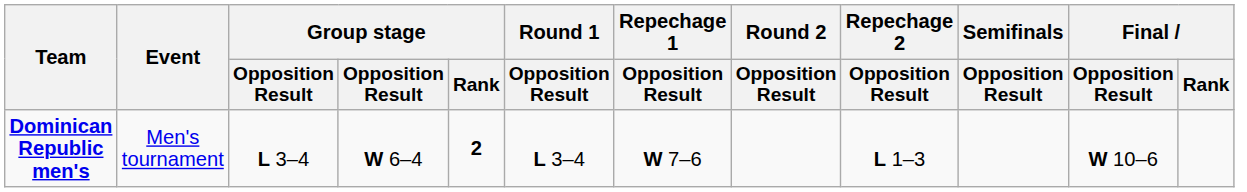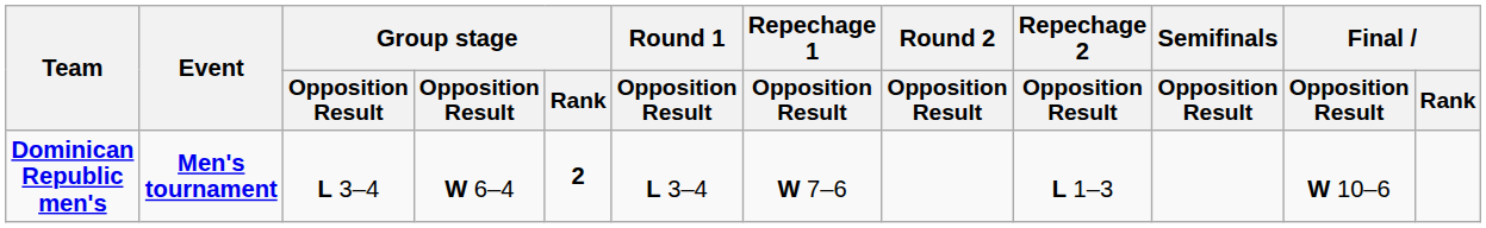 <table class=wikitable style=font-size:90%>
 <tr>
 <th rowspan=2>Team</th>
 <th rowspan=2>Event</th>
 <th colspan=3>Group stage</th>
 <th>Round 1</th>
 <th>Repechage 1</th>
 <th>Round 2</th>
 <th>Repechage 2</th>
 <th>Semifinals</th>
 <th colspan=2>Final / </th>
 </tr>
 <tr style=font-size:95%>
 <th>Opposition<br>Result</th>
 <th>Opposition<br>Result</th>
 <th>Rank</th>
 <th>Opposition<br>Result</th>
 <th>Opposition<br>Result</th>
 <th>Opposition<br>Result</th>
 <th>Opposition<br>Result</th>
 <th>Opposition<br>Result</th>
 <th>Opposition<br>Result</th>
 <th>Rank</th>
 </tr>
 <tr align=center>
 <td><strong><a href='#'>Dominican Republic men's</a></strong></td>
-<td><a href='#'>Men's tournament</a></td>
+<td><strong><a href='#'>Men's tournament</a></strong></td>
 <td><br><strong>L</strong> 3–4</td>
 <td><br><strong>W</strong> 6–4</td>
 <td><strong>2</strong></td>
 <td><br><strong>L</strong> 3–4</td>
 <td><br><strong>W</strong> 7–6</td>
 <td></td>
 <td><br><strong>L</strong> 1–3</td>
 <td></td>
 <td><br><strong>W</strong> 10–6</td>
 <td></td>
 </tr>
 </table>
